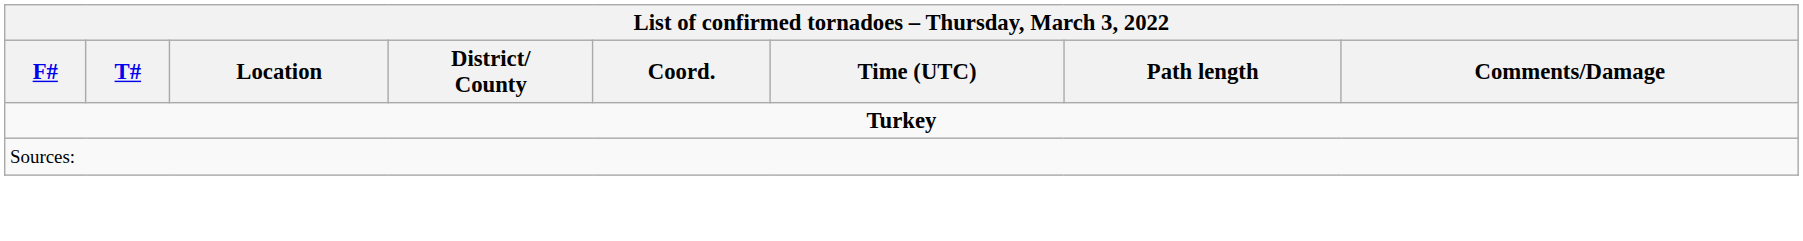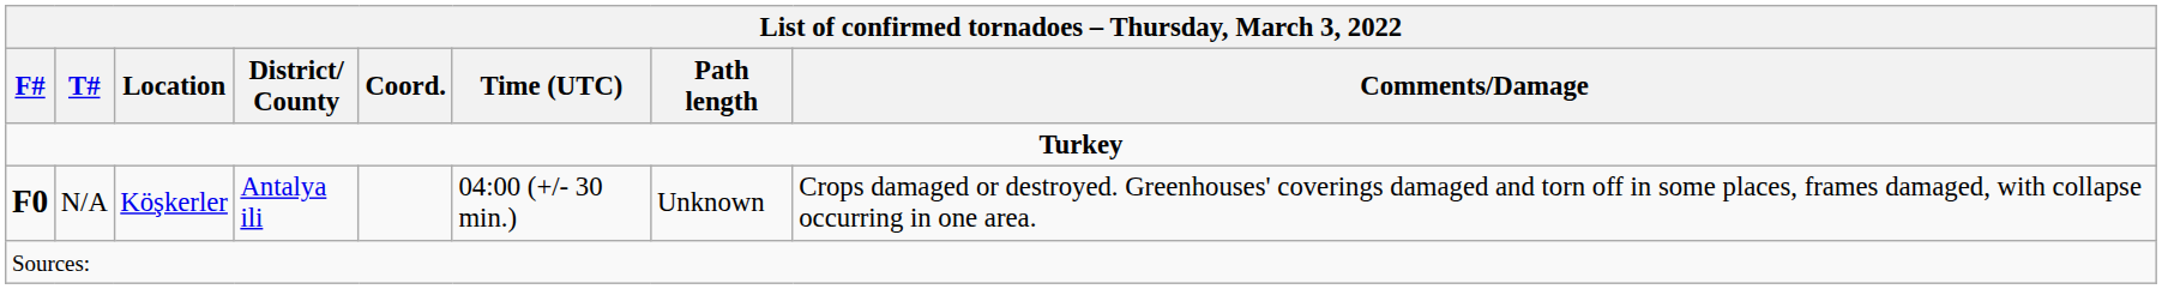 <table class="wikitable collapsible" width="100%">
 <tr>
 <th colspan="8">List of confirmed tornadoes – Thursday, March 3, 2022</th>
 </tr>
 <tr>
 <th><a href='#'>F#</a></th>
 <th><a href='#'>T#</a></th>
 <th>Location</th>
 <th>District/<br>County</th>
 <th>Coord.</th>
 <th>Time (UTC)</th>
 <th>Path length</th>
 <th>Comments/Damage</th>
 </tr>
 <tr>
 <td colspan="8" align=center><strong>Turkey</strong></td>
 </tr>
 <tr>
+<td><big><strong>F0</strong></big></td>
+<td>N/A</td>
+<td><a href='#'>Köşkerler</a></td>
+<td><a href='#'>Antalya ili</a></td>
+<td></td>
+<td>04:00 (+/- 30 min.)</td>
+<td>Unknown</td>
+<td>Crops damaged or destroyed. Greenhouses' coverings damaged and torn off in some places, frames damaged, with collapse occurring in one area.</td>
+</tr>
+<tr>
 <td colspan="8"><small>Sources:  </small></td>
 </tr>
 </table>
